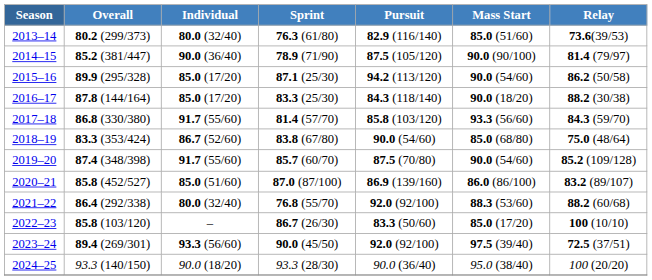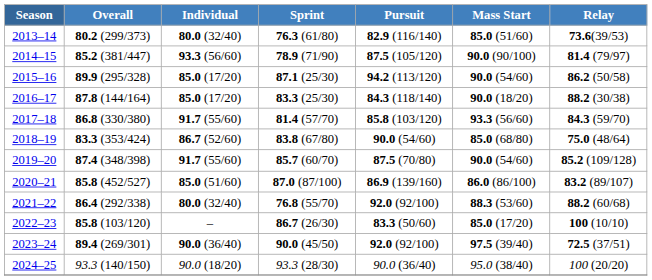 <table class="wikitable" style="font-size:95%; text-align:center; border:grey solid 1px; border-collapse:collapse; background:#ffffff;">
 <tr class="hintergrundfarbe5">
 <td style="background-color:#369; color:white; width:65px"><strong>Season</strong></td>
 <td style="background-color:#4180be; color:white; width:110px;"><strong>Overall</strong></td>
 <td style="background-color:#4180be; color:white; width:110px;"><strong>Individual</strong></td>
 <td style="background-color:#4180be; color:white; width:110px;"><strong>Sprint</strong></td>
 <td style="background-color:#4180be; color:white; width:110px;"><strong>Pursuit</strong></td>
 <td style="background-color:#4180be; color:white; width:110px;"><strong>Mass Start</strong></td>
 <td style="background-color:#4180be; color:white; width:110px;"><strong>Relay</strong></td>
 </tr>
 <tr>
 <td><a href='#'>2013–14</a></td>
 <td><strong>80.2</strong> (299/373)</td>
 <td><strong>80.0</strong> (32/40)</td>
 <td><strong>76.3</strong> (61/80)</td>
 <td><strong>82.9</strong> (116/140)</td>
 <td><strong>85.0</strong> (51/60)</td>
 <td><strong>73.6</strong>(39/53)</td>
 </tr>
 <tr>
 <td><a href='#'>2014–15</a></td>
 <td><strong>85.2</strong> (381/447)</td>
-<td><strong>90.0</strong> (36/40)</td>
+<td><strong>93.3</strong> (56/60)</td>
 <td><strong>78.9</strong> (71/90)</td>
 <td><strong>87.5</strong> (105/120)</td>
 <td><strong>90.0</strong> (90/100)</td>
 <td><strong>81.4</strong> (79/97)</td>
 </tr>
 <tr>
 <td><a href='#'>2015–16</a></td>
 <td><strong>89.9</strong> (295/328)</td>
 <td><strong>85.0</strong> (17/20)</td>
 <td><strong>87.1</strong> (25/30)</td>
 <td><strong>94.2</strong> (113/120)</td>
 <td><strong>90.0</strong> (54/60)</td>
 <td><strong>86.2</strong> (50/58)</td>
 </tr>
 <tr>
 <td><a href='#'>2016–17</a></td>
 <td><strong>87.8</strong> (144/164)</td>
 <td><strong>85.0</strong> (17/20)</td>
 <td><strong>83.3</strong> (25/30)</td>
 <td><strong>84.3</strong> (118/140)</td>
 <td><strong>90.0</strong> (18/20)</td>
 <td><strong>88.2</strong> (30/38)</td>
 </tr>
 <tr>
 <td><a href='#'>2017–18</a></td>
 <td><strong>86.8</strong> (330/380)</td>
 <td><strong>91.7</strong> (55/60)</td>
 <td><strong>81.4</strong> (57/70)</td>
 <td><strong>85.8</strong> (103/120)</td>
 <td><strong>93.3</strong> (56/60)</td>
 <td><strong>84.3</strong> (59/70)</td>
 </tr>
 <tr>
 <td><a href='#'>2018–19</a></td>
 <td><strong>83.3</strong> (353/424)</td>
 <td><strong>86.7</strong> (52/60)</td>
 <td><strong>83.8</strong> (67/80)</td>
 <td><strong>90.0</strong> (54/60)</td>
 <td><strong>85.0</strong> (68/80)</td>
 <td><strong>75.0</strong> (48/64)</td>
 </tr>
 <tr>
 <td><a href='#'>2019–20</a></td>
 <td><strong>87.4</strong> (348/398)</td>
 <td><strong>91.7</strong> (55/60)</td>
 <td><strong>85.7</strong> (60/70)</td>
 <td><strong>87.5</strong> (70/80)</td>
 <td><strong>90.0</strong> (54/60)</td>
 <td><strong>85.2</strong> (109/128)</td>
 </tr>
 <tr>
 <td><a href='#'>2020–21</a></td>
 <td><strong>85.8</strong> (452/527)</td>
 <td><strong>85.0</strong> (51/60)</td>
 <td><strong>87.0</strong> (87/100)</td>
 <td><strong>86.9</strong> (139/160)</td>
 <td><strong>86.0</strong> (86/100)</td>
 <td><strong>83.2</strong> (89/107)</td>
 </tr>
 <tr>
 <td><a href='#'>2021–22</a></td>
 <td><strong>86.4</strong> (292/338)</td>
 <td><strong>80.0</strong> (32/40)</td>
 <td><strong>76.8</strong> (55/70)</td>
 <td><strong>92.0</strong> (92/100)</td>
 <td><strong>88.3</strong> (53/60)</td>
 <td><strong>88.2</strong> (60/68)</td>
 </tr>
 <tr>
 <td><a href='#'>2022–23</a></td>
 <td><strong>85.8</strong> (103/120)</td>
 <td>–</td>
 <td><strong>86.7</strong> (26/30)</td>
 <td><strong>83.3</strong> (50/60)</td>
 <td><strong>85.0</strong> (17/20)</td>
 <td><strong>100</strong> (10/10)</td>
 </tr>
 <tr>
 <td><a href='#'>2023–24</a></td>
 <td><strong>89.4</strong> (269/301)</td>
-<td><strong>93.3</strong> (56/60)</td>
+<td><strong>90.0</strong> (36/40)</td>
 <td><strong>90.0</strong> (45/50)</td>
 <td><strong>92.0</strong> (92/100)</td>
 <td><strong>97.5</strong> (39/40)</td>
 <td><strong>72.5</strong> (37/51)</td>
 </tr>
 <tr>
 <td><a href='#'>2024–25</a></td>
 <td><em>93.3</em> (140/150)</td>
 <td><em>90.0</em> (18/20)</td>
 <td><em>93.3</em> (28/30)</td>
 <td><em>90.0</em> (36/40)</td>
 <td><em>95.0</em> (38/40)</td>
 <td><em>100</em> (20/20)</td>
 </tr>
 <tr>
 </tr>
 </table>
